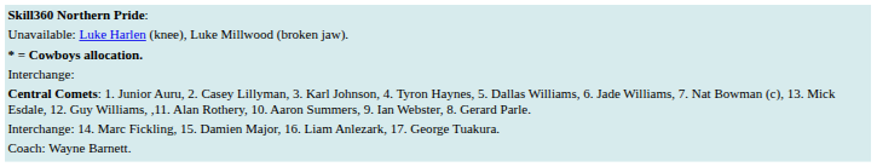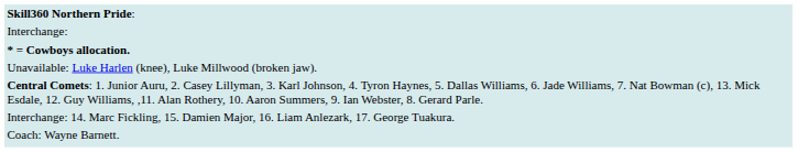 <table style="background:#d7ebed; font-size:85%; width:100%;">
 <tr>
 <td><strong>Skill360 Northern Pride</strong>:             </td>
 </tr>
 <tr>
-<td>Unavailable: <a href='#'>Luke Harlen</a> (knee), Luke Millwood (broken jaw).</td>
+<td>Interchange:    </td>
 </tr>
 <tr>
 <td><strong>* = Cowboys allocation.</strong></td>
 </tr>
 <tr>
-<td>Interchange:    </td>
+<td>Unavailable: <a href='#'>Luke Harlen</a> (knee), Luke Millwood (broken jaw).</td>
 </tr>
 <tr>
 <td><strong>Central Comets</strong>: 1. Junior Auru, 2. Casey Lillyman, 3. Karl Johnson, 4. Tyron Haynes, 5. Dallas Williams, 6. Jade Williams, 7. Nat Bowman (c), 13. Mick Esdale, 12. Guy Williams, ,11. Alan Rothery, 10. Aaron Summers, 9. Ian Webster, 8. Gerard Parle.</td>
 </tr>
 <tr>
 <td>Interchange: 14. Marc Fickling, 15. Damien Major, 16. Liam Anlezark, 17. George Tuakura.</td>
 </tr>
 <tr>
 <td>Coach: Wayne Barnett.</td>
 </tr>
 <tr>
 </tr>
 </table>
